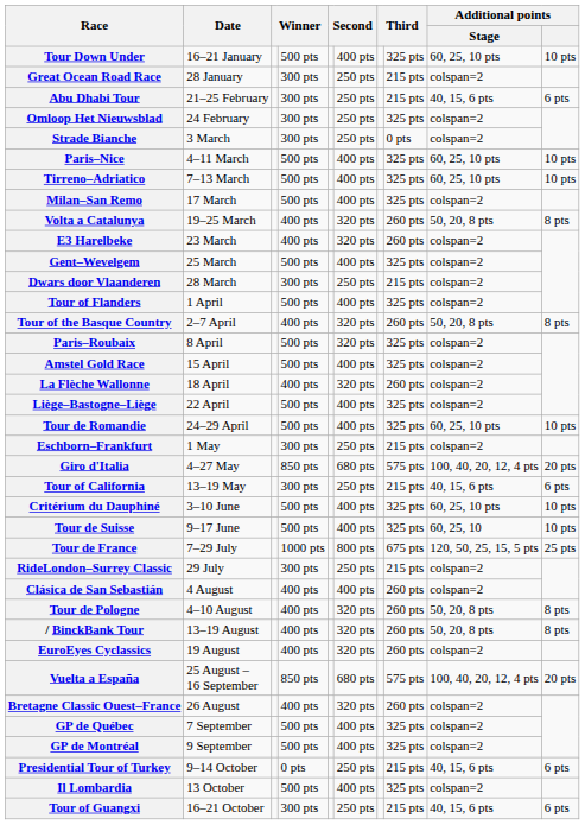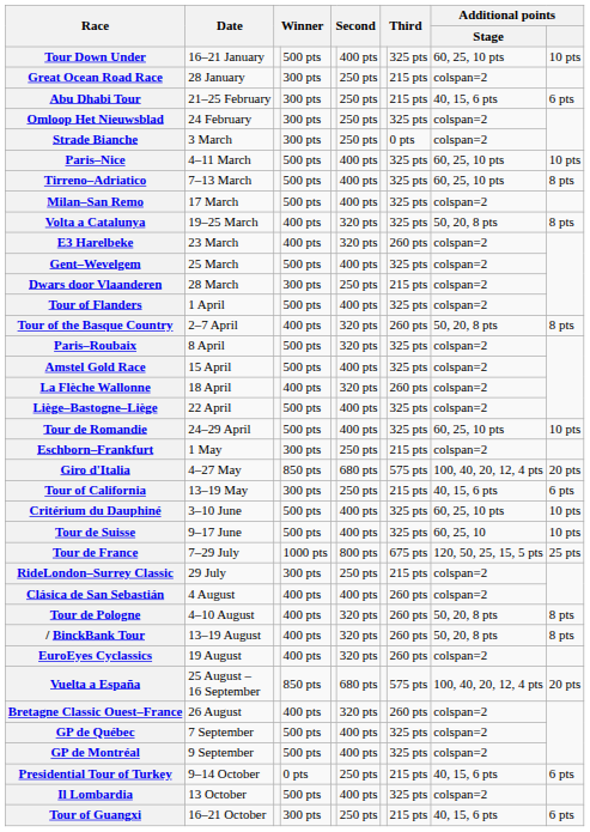 <table class="wikitable plainrowheaders">
 <tr>
 <th scope="col" rowspan=2>Race</th>
 <th scope="col" rowspan=2>Date</th>
 <th scope="col" rowspan=2 colspan="2">Winner</th>
 <th scope="col" rowspan=2 colspan="2">Second</th>
 <th scope="col" rowspan=2 colspan="2">Third</th>
 <th scope="col" colspan=2>Additional points</th>
 </tr>
 <tr>
 <th scope="col">Stage</th>
 <th scope="col"></th>
 </tr>
 <tr>
 <th scope="row"> <a href='#'>Tour Down Under</a></th>
 <td>16–21 January</td>
 <td></td>
 <td>500 pts</td>
 <td></td>
 <td>400 pts</td>
 <td></td>
 <td>325 pts</td>
 <td>60, 25, 10 pts</td>
 <td>10 pts</td>
 </tr>
 <tr>
 <th scope="row"> <a href='#'>Great Ocean Road Race</a></th>
 <td>28 January</td>
 <td></td>
 <td>300 pts</td>
 <td></td>
 <td>250 pts</td>
 <td></td>
 <td>215 pts</td>
 <td>colspan=2 </td>
 </tr>
 <tr>
 <th scope="row"> <a href='#'>Abu Dhabi Tour</a></th>
 <td>21–25 February</td>
 <td></td>
 <td>300 pts</td>
 <td></td>
 <td>250 pts</td>
 <td></td>
 <td>215 pts</td>
 <td>40, 15, 6 pts</td>
 <td>6 pts</td>
 </tr>
 <tr>
 <th scope="row"> <a href='#'>Omloop Het Nieuwsblad</a></th>
 <td>24 February</td>
 <td></td>
 <td>300 pts</td>
 <td></td>
 <td>250 pts</td>
 <td></td>
 <td>325 pts</td>
 <td>colspan=2 </td>
 </tr>
 <tr>
 <th scope="row"> <a href='#'>Strade Bianche</a></th>
 <td>3 March</td>
 <td></td>
 <td>300 pts</td>
 <td></td>
 <td>250 pts</td>
 <td></td>
 <td>0 pts</td>
 <td>colspan=2 </td>
 </tr>
 <tr>
 <th scope="row"> <a href='#'>Paris–Nice</a></th>
 <td>4–11 March</td>
 <td></td>
 <td>500 pts</td>
 <td></td>
 <td>400 pts</td>
 <td></td>
 <td>325 pts</td>
 <td>60, 25, 10 pts</td>
 <td>10 pts</td>
 </tr>
 <tr>
 <th scope="row"> <a href='#'>Tirreno–Adriatico</a></th>
 <td>7–13 March</td>
 <td></td>
 <td>500 pts</td>
 <td></td>
 <td>400 pts</td>
 <td></td>
 <td>325 pts</td>
 <td>60, 25, 10 pts</td>
-<td>10 pts</td>
+<td>8 pts</td>
 </tr>
 <tr>
 <th scope="row"> <a href='#'>Milan–San Remo</a></th>
 <td>17 March</td>
 <td></td>
 <td>500 pts</td>
 <td></td>
 <td>400 pts</td>
 <td></td>
 <td>325 pts</td>
 <td>colspan=2 </td>
 </tr>
 <tr>
 <th scope="row"> <a href='#'>Volta a Catalunya</a></th>
 <td>19–25 March</td>
 <td></td>
 <td>400 pts</td>
 <td></td>
 <td>320 pts</td>
 <td></td>
-<td>260 pts</td>
+<td>325 pts</td>
 <td>50, 20, 8 pts</td>
 <td>8 pts</td>
 </tr>
 <tr>
 <th scope="row"> <a href='#'>E3 Harelbeke</a></th>
 <td>23 March</td>
 <td></td>
 <td>400 pts</td>
 <td></td>
 <td>320 pts</td>
 <td></td>
 <td>260 pts</td>
 <td>colspan=2 </td>
 </tr>
 <tr>
 <th scope="row"> <a href='#'>Gent–Wevelgem</a></th>
 <td>25 March</td>
 <td></td>
 <td>500 pts</td>
 <td></td>
 <td>400 pts</td>
 <td></td>
 <td>325 pts</td>
 <td>colspan=2 </td>
 </tr>
 <tr>
 <th scope="row"> <a href='#'>Dwars door Vlaanderen</a></th>
 <td>28 March</td>
 <td></td>
 <td>300 pts</td>
 <td></td>
 <td>250 pts</td>
 <td></td>
 <td>215 pts</td>
 <td>colspan=2 </td>
 </tr>
 <tr>
 <th scope="row"> <a href='#'>Tour of Flanders</a></th>
 <td>1 April</td>
 <td></td>
 <td>500 pts</td>
 <td></td>
 <td>400 pts</td>
 <td></td>
 <td>325 pts</td>
 <td>colspan=2 </td>
 </tr>
 <tr>
 <th scope="row"> <a href='#'>Tour of the Basque Country</a></th>
 <td>2–7 April</td>
 <td></td>
 <td>400 pts</td>
 <td></td>
 <td>320 pts</td>
 <td></td>
 <td>260 pts</td>
 <td>50, 20, 8 pts</td>
 <td>8 pts</td>
 </tr>
 <tr>
 <th scope="row"> <a href='#'>Paris–Roubaix</a></th>
 <td>8 April</td>
 <td></td>
 <td>500 pts</td>
 <td></td>
 <td>320 pts</td>
 <td></td>
 <td>325 pts</td>
 <td>colspan=2 </td>
 </tr>
 <tr>
 <th scope="row"> <a href='#'>Amstel Gold Race</a></th>
 <td>15 April</td>
 <td></td>
 <td>500 pts</td>
 <td></td>
 <td>400 pts</td>
 <td></td>
 <td>325 pts</td>
 <td>colspan=2 </td>
 </tr>
 <tr>
 <th scope="row"> <a href='#'>La Flèche Wallonne</a></th>
 <td>18 April</td>
 <td></td>
 <td>400 pts</td>
 <td></td>
 <td>320 pts</td>
 <td></td>
 <td>260 pts</td>
 <td>colspan=2 </td>
 </tr>
 <tr>
 <th scope="row"> <a href='#'>Liège–Bastogne–Liège</a></th>
 <td>22 April</td>
 <td></td>
 <td>500 pts</td>
 <td></td>
 <td>400 pts</td>
 <td></td>
 <td>325 pts</td>
 <td>colspan=2 </td>
 </tr>
 <tr>
 <th scope="row"> <a href='#'>Tour de Romandie</a></th>
 <td>24–29 April</td>
 <td></td>
 <td>500 pts</td>
 <td></td>
 <td>400 pts</td>
 <td></td>
 <td>325 pts</td>
 <td>60, 25, 10 pts</td>
 <td>10 pts</td>
 </tr>
 <tr>
 <th scope="row"> <a href='#'>Eschborn–Frankfurt</a></th>
 <td>1 May</td>
 <td></td>
 <td>300 pts</td>
 <td></td>
 <td>250 pts</td>
 <td></td>
 <td>215 pts</td>
 <td>colspan=2 </td>
 </tr>
 <tr>
 <th scope="row"> <a href='#'>Giro d'Italia</a></th>
 <td>4–27 May</td>
 <td></td>
 <td>850 pts</td>
 <td></td>
 <td>680 pts</td>
 <td></td>
 <td>575 pts</td>
 <td>100, 40, 20, 12, 4 pts</td>
 <td>20 pts</td>
 </tr>
 <tr>
 <th scope="row"> <a href='#'>Tour of California</a></th>
 <td>13–19 May</td>
 <td></td>
 <td>300 pts</td>
 <td></td>
 <td>250 pts</td>
 <td></td>
 <td>215 pts</td>
 <td>40, 15, 6 pts</td>
 <td>6 pts</td>
 </tr>
 <tr>
 <th scope="row"> <a href='#'>Critérium du Dauphiné</a></th>
 <td>3–10 June</td>
 <td></td>
 <td>500 pts</td>
 <td></td>
 <td>400 pts</td>
 <td></td>
 <td>325 pts</td>
 <td>60, 25, 10 pts</td>
 <td>10 pts</td>
 </tr>
 <tr>
 <th scope="row"> <a href='#'>Tour de Suisse</a></th>
 <td>9–17 June</td>
 <td></td>
 <td>500 pts</td>
 <td></td>
 <td>400 pts</td>
 <td></td>
 <td>325 pts</td>
 <td>60, 25, 10</td>
 <td>10 pts</td>
 </tr>
 <tr>
 <th scope="row"> <a href='#'>Tour de France</a></th>
 <td>7–29 July</td>
 <td></td>
 <td>1000 pts</td>
 <td></td>
 <td>800 pts</td>
 <td></td>
 <td>675 pts</td>
 <td>120, 50, 25, 15, 5 pts</td>
 <td>25 pts</td>
 </tr>
 <tr>
 <th scope="row"> <a href='#'>RideLondon–Surrey Classic</a></th>
 <td>29 July</td>
 <td></td>
 <td>300 pts</td>
 <td></td>
 <td>250 pts</td>
 <td></td>
 <td>215 pts</td>
 <td>colspan=2 </td>
 </tr>
 <tr>
 <th scope="row"> <a href='#'>Clásica de San Sebastián</a></th>
 <td>4 August</td>
 <td></td>
 <td>400 pts</td>
 <td></td>
 <td>400 pts</td>
 <td></td>
 <td>260 pts</td>
 <td>colspan=2 </td>
 </tr>
 <tr>
 <th scope="row"> <a href='#'>Tour de Pologne</a></th>
 <td>4–10 August</td>
 <td></td>
 <td>400 pts</td>
 <td></td>
 <td>320 pts</td>
 <td></td>
 <td>260 pts</td>
 <td>50, 20, 8 pts</td>
 <td>8 pts</td>
 </tr>
 <tr>
 <th scope="row">/ <a href='#'>BinckBank Tour</a></th>
 <td>13–19 August</td>
 <td></td>
 <td>400 pts</td>
 <td></td>
 <td>320 pts</td>
 <td></td>
 <td>260 pts</td>
 <td>50, 20, 8 pts</td>
 <td>8 pts</td>
 </tr>
 <tr>
 <th scope="row"> <a href='#'>EuroEyes Cyclassics</a></th>
 <td>19 August</td>
 <td></td>
 <td>400 pts</td>
 <td></td>
 <td>320 pts</td>
 <td></td>
 <td>260 pts</td>
 <td>colspan=2 </td>
 </tr>
 <tr>
 <th scope="row"> <a href='#'>Vuelta a España</a></th>
 <td>25 August –<br>16 September</td>
 <td></td>
 <td>850 pts</td>
 <td></td>
 <td>680 pts</td>
 <td></td>
 <td>575 pts</td>
 <td>100, 40, 20, 12, 4 pts</td>
 <td>20 pts</td>
 </tr>
 <tr>
 <th scope="row"> <a href='#'>Bretagne Classic Ouest–France</a></th>
 <td>26 August</td>
 <td></td>
 <td>400 pts</td>
 <td></td>
 <td>320 pts</td>
 <td></td>
 <td>260 pts</td>
 <td>colspan=2 </td>
 </tr>
 <tr>
 <th scope="row"> <a href='#'>GP de Québec</a></th>
 <td>7 September</td>
 <td></td>
 <td>500 pts</td>
 <td></td>
 <td>400 pts</td>
 <td></td>
 <td>325 pts</td>
 <td>colspan=2 </td>
 </tr>
 <tr>
 <th scope="row"> <a href='#'>GP de Montréal</a></th>
 <td>9 September</td>
 <td></td>
 <td>500 pts</td>
 <td></td>
 <td>400 pts</td>
 <td></td>
 <td>325 pts</td>
 <td>colspan=2 </td>
 </tr>
 <tr>
 <th scope="row"> <a href='#'>Presidential Tour of Turkey</a></th>
 <td>9–14 October</td>
 <td></td>
 <td>0 pts</td>
 <td></td>
 <td>250 pts</td>
 <td></td>
 <td>215 pts</td>
 <td>40, 15, 6 pts</td>
 <td>6 pts</td>
 </tr>
 <tr>
 <th scope="row"> <a href='#'>Il Lombardia</a></th>
 <td>13 October</td>
 <td></td>
 <td>500 pts</td>
 <td></td>
 <td>400 pts</td>
 <td></td>
 <td>325 pts</td>
 <td>colspan=2 </td>
 </tr>
 <tr>
 <th scope="row"> <a href='#'>Tour of Guangxi</a></th>
 <td>16–21 October</td>
 <td></td>
 <td>300 pts</td>
 <td></td>
 <td>250 pts</td>
 <td></td>
 <td>215 pts</td>
 <td>40, 15, 6 pts</td>
 <td>6 pts</td>
 </tr>
 </table>
